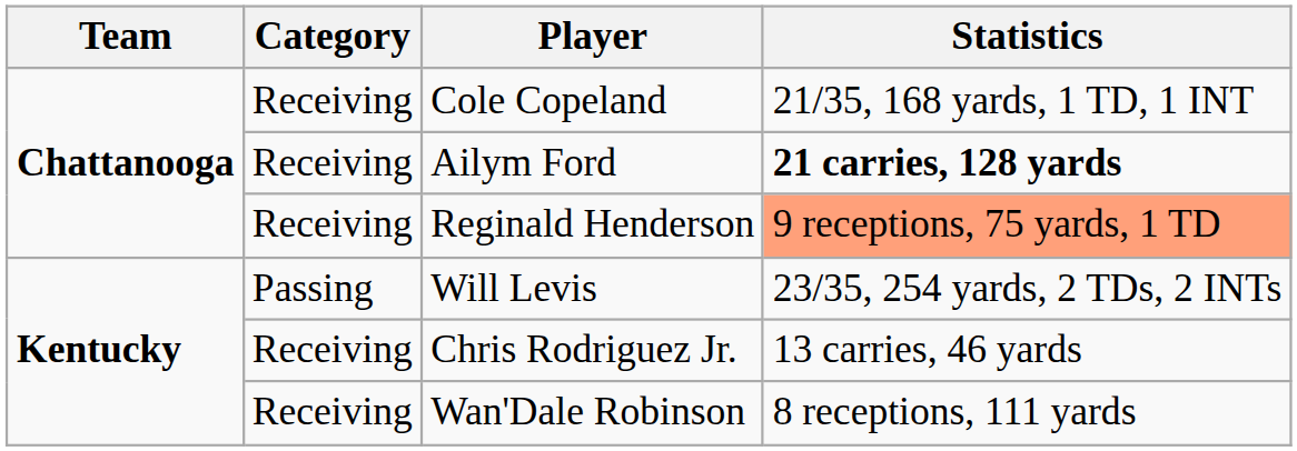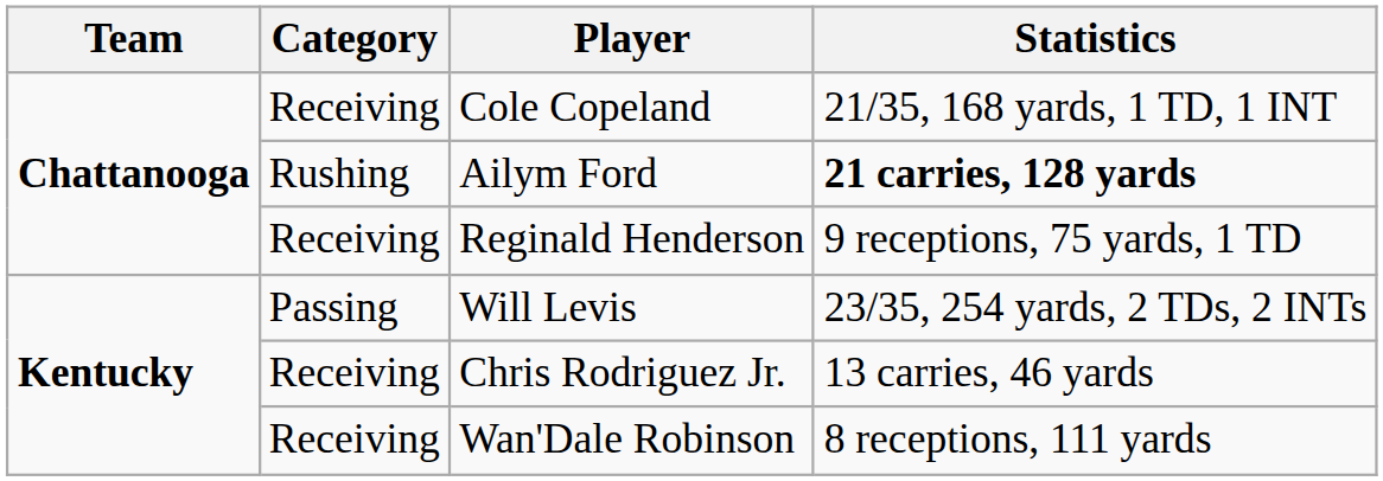 <table class="wikitable" style="float: right;">
 <tr>
 <th>Team</th>
 <th>Category</th>
 <th>Player</th>
 <th>Statistics</th>
 </tr>
 <tr>
 <td rowspan=3><strong>Chattanooga</strong></td>
 <td>Receiving</td>
 <td>Cole Copeland</td>
 <td>21/35, 168 yards, 1 TD, 1 INT</td>
 </tr>
 <tr>
-<td>Receiving</td>
+<td>Rushing</td>
 <td>Ailym Ford</td>
 <td><strong>21 carries, 128 yards</strong></td>
 </tr>
 <tr>
 <td>Receiving</td>
 <td>Reginald Henderson</td>
-<td style="background: lightsalmon;">9 receptions, 75 yards, 1 TD</td>
+<td>9 receptions, 75 yards, 1 TD</td>
 </tr>
 <tr>
 <td rowspan=3><strong>Kentucky</strong></td>
 <td>Passing</td>
 <td>Will Levis</td>
 <td>23/35, 254 yards, 2 TDs, 2 INTs</td>
 </tr>
 <tr>
 <td>Receiving</td>
 <td>Chris Rodriguez Jr.</td>
 <td>13 carries, 46 yards</td>
 </tr>
 <tr>
 <td>Receiving</td>
 <td>Wan'Dale Robinson</td>
 <td>8 receptions, 111 yards</td>
 </tr>
 </table>
